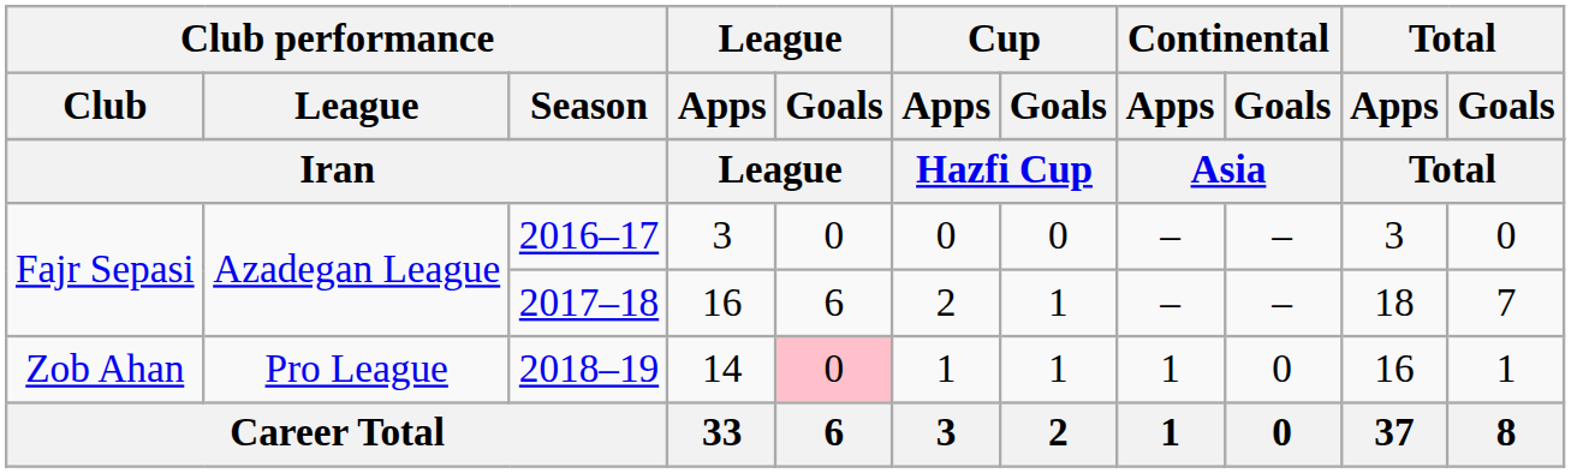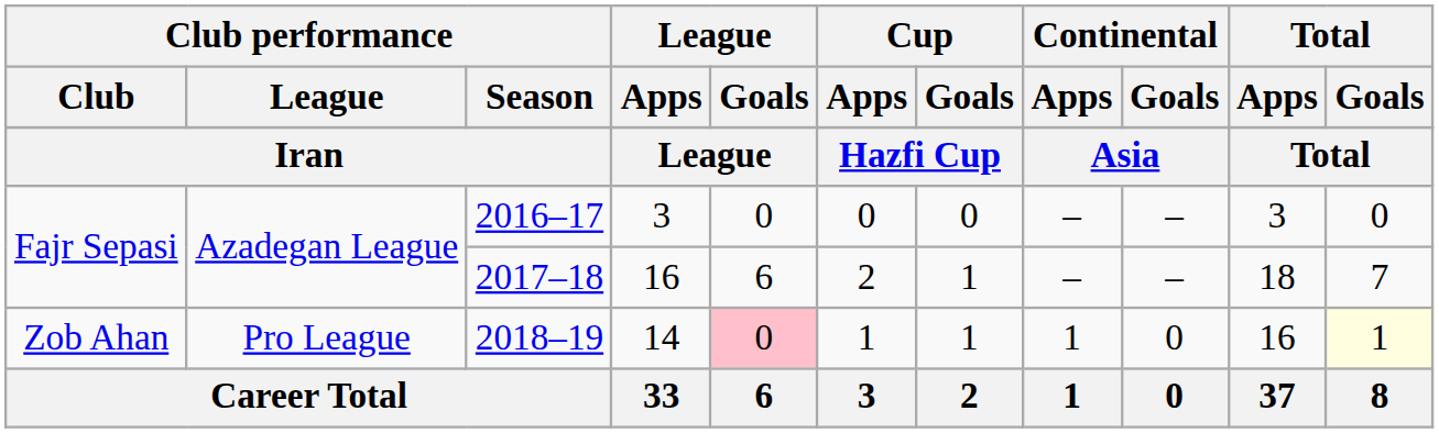 <table class="wikitable" style="font-size:90%; text-align:center;">
 <tr>
 <th colspan=3>Club performance</th>
 <th colspan=2>League</th>
 <th colspan=2>Cup</th>
 <th colspan=2>Continental</th>
 <th colspan=2>Total</th>
 </tr>
 <tr>
 <th>Club</th>
 <th>League</th>
 <th>Season</th>
 <th>Apps</th>
 <th>Goals</th>
 <th>Apps</th>
 <th>Goals</th>
 <th>Apps</th>
 <th>Goals</th>
 <th>Apps</th>
 <th>Goals</th>
 </tr>
 <tr>
 </tr>
 <tr>
 <th colspan=3>Iran</th>
 <th colspan=2>League</th>
 <th colspan=2><a href='#'>Hazfi Cup</a></th>
 <th colspan=2><a href='#'>Asia</a></th>
 <th colspan=2>Total</th>
 </tr>
 <tr>
 <td rowspan="2"><a href='#'>Fajr Sepasi</a></td>
 <td rowspan="2"><a href='#'>Azadegan League</a></td>
 <td><a href='#'>2016–17</a></td>
 <td>3</td>
 <td>0</td>
 <td>0</td>
 <td>0</td>
 <td>–</td>
 <td>–</td>
 <td>3</td>
 <td>0</td>
 </tr>
 <tr>
 <td><a href='#'>2017–18</a></td>
 <td>16</td>
 <td>6</td>
 <td>2</td>
 <td>1</td>
 <td>–</td>
 <td>–</td>
 <td>18</td>
 <td>7</td>
 </tr>
 <tr>
 <td rowspan="1"><a href='#'>Zob Ahan</a></td>
 <td rowspan="1"><a href='#'>Pro League</a></td>
 <td><a href='#'>2018–19</a></td>
 <td>14</td>
 <td style="background: pink;">0</td>
 <td>1</td>
 <td>1</td>
 <td>1</td>
 <td>0</td>
 <td>16</td>
-<td>1</td>
+<td style="background: lightyellow;">1</td>
 </tr>
 <tr>
 <th colspan=3>Career Total</th>
 <th>33</th>
 <th>6</th>
 <th>3</th>
 <th>2</th>
 <th>1</th>
 <th>0</th>
 <th>37</th>
 <th>8</th>
 </tr>
 </table>
